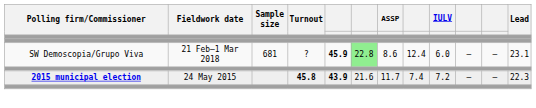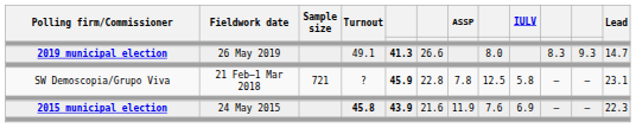 <table class="wikitable collapsible collapsed" style="text-align:center; font-size:95%; line-height:16px;">
 <tr style="height:42px;">
 <th style="width:250px;" rowspan="2">Polling firm/Commissioner</th>
 <th style="width:125px;" rowspan="2">Fieldwork date</th>
 <th style="width:50px;" rowspan="2">Sample size</th>
 <th style="width:45px;" rowspan="2">Turnout</th>
 <th style="width:35px;"></th>
 <th style="width:35px;"></th>
 <th style="width:35px; font-size:95%">ASSP</th>
 <th style="width:35px;"></th>
 <th style="width:35px;"><a href='#'>IULV</a></th>
 <th style="width:35px;"></th>
 <th style="width:35px;"></th>
 <th style="width:30px;" rowspan="2">Lead</th>
 </tr>
 <tr>
 <th style="color:inherit;background:"></th>
 <th style="color:inherit;background:"></th>
 <th style="color:inherit;background:"></th>
 <th style="color:inherit;background:"></th>
 <th style="color:inherit;background:"></th>
 <th style="color:inherit;background:"></th>
 <th style="color:inherit;background:"></th>
 </tr>
 <tr>
 <td colspan="12" style="background:#A0A0A0"></td>
 </tr>
+<tr style="background:#EFEFEF;">
+<td><strong><a href='#'>2019 municipal election</a></strong></td>
+<td>26 May 2019</td>
+<td></td>
+<td>49.1</td>
+<td><strong>41.3</strong><br></td>
+<td>26.6<br></td>
+<td></td>
+<td>8.0<br></td>
+<td></td>
+<td>8.3<br></td>
+<td>9.3<br></td>
+<td style="background:">14.7</td>
+</tr>
 <tr>
 <td colspan="12" style="background:#A0A0A0"></td>
 </tr>
 <tr>
 <td>SW Demoscopia/Grupo Viva</td>
 <td>21 Feb–1 Mar 2018</td>
-<td>681</td>
+<td>721</td>
 <td>?</td>
 <td><strong>45.9</strong><br></td>
-<td style="background: lightgreen;">22.8<br></td>
-<td>8.6<br></td>
-<td>12.4<br></td>
-<td>6.0<br></td>
+<td>22.8<br></td>
+<td>7.8<br></td>
+<td>12.5<br></td>
+<td>5.8<br></td>
 <td>–</td>
 <td>–</td>
 <td style="background:">23.1</td>
 </tr>
 <tr>
 <td colspan="12" style="background:#A0A0A0"></td>
 </tr>
 <tr style="background:#EFEFEF;">
 <td><strong><a href='#'>2015 municipal election</a></strong></td>
 <td>24 May 2015</td>
 <td></td>
 <td><strong>45.8</strong></td>
 <td><strong>43.9</strong><br></td>
 <td>21.6<br></td>
-<td>11.7<br></td>
-<td>7.4<br></td>
-<td>7.2<br></td>
+<td>11.9<br></td>
+<td>7.6<br></td>
+<td>6.9<br></td>
 <td>–</td>
 <td>–</td>
 <td style="background:">22.3</td>
 </tr>
 <tr>
 <td colspan="12" style="background:#A0A0A0"></td>
 </tr>
 </table>
